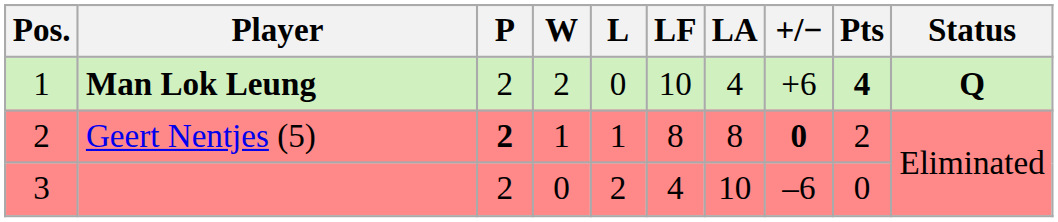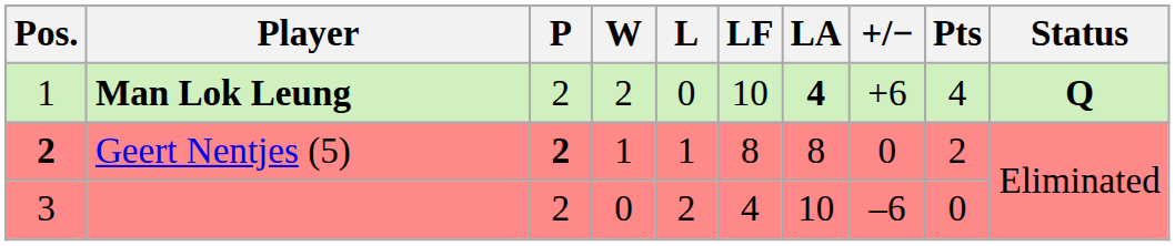 <table class="wikitable" style="text-align:center; margin: 1em auto 1em auto, align:left">
 <tr>
 <th width=20>Pos.</th>
 <th width=185>Player</th>
 <th width=20>P</th>
 <th width=20>W</th>
 <th width=20>L</th>
 <th width=20>LF</th>
 <th width=20>LA</th>
 <th width=25>+/−</th>
 <th width=20>Pts</th>
 <th width=70>Status</th>
 </tr>
 <tr style="background:#D0F0C0;">
 <td>1</td>
 <td align=left> <strong>Man Lok Leung</strong></td>
 <td>2</td>
 <td>2</td>
 <td>0</td>
 <td>10</td>
+<td><strong>4</strong></td>
+<td>+6</td>
 <td>4</td>
-<td>+6</td>
-<td><strong>4</strong></td>
 <td><strong>Q</strong></td>
 </tr>
 <tr style="background:#FF8888;">
-<td>2</td>
+<td><strong>2</strong></td>
 <td align=left> <a href='#'>Geert Nentjes</a> (5)</td>
 <td><strong>2</strong></td>
 <td>1</td>
 <td>1</td>
 <td>8</td>
 <td>8</td>
-<td><strong>0</strong></td>
+<td>0</td>
 <td>2</td>
 <td rowspan=2>Eliminated</td>
 </tr>
 <tr style="background:#FF8888;">
 <td>3</td>
 <td align=left></td>
 <td>2</td>
 <td>0</td>
 <td>2</td>
 <td>4</td>
 <td>10</td>
 <td>–6</td>
 <td>0</td>
 </tr>
 </table>
